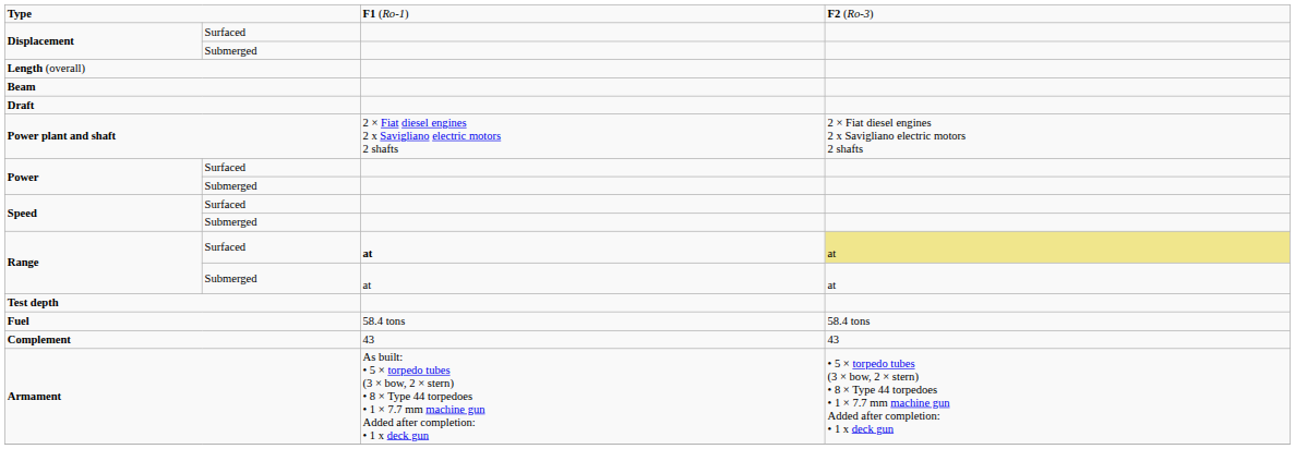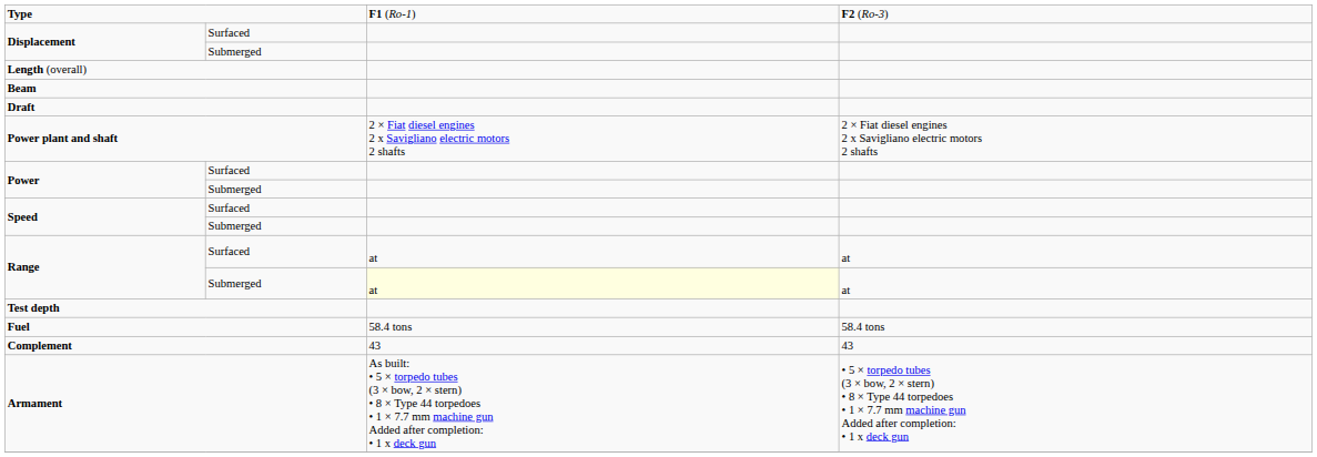 <table class="wikitable" width="90%">
 <tr>
 <td width="13%" colspan="2"><strong>Type</strong></td>
 <td width="17%"><strong>F1</strong> (<em>Ro-1</em>)</td>
 <td width="17%"><strong>F2</strong> (<em>Ro-3</em>)</td>
 </tr>
 <tr>
 <td rowspan="2"><strong>Displacement</strong></td>
 <td>Surfaced</td>
 <td></td>
 <td></td>
 </tr>
 <tr>
 <td>Submerged</td>
 <td></td>
 <td></td>
 </tr>
 <tr>
 <td colspan="2"><strong>Length</strong> (overall)</td>
 <td></td>
 <td></td>
 </tr>
 <tr>
 <td colspan="2"><strong>Beam</strong></td>
 <td></td>
 <td></td>
 </tr>
 <tr>
 <td colspan="2"><strong>Draft</strong></td>
 <td></td>
 <td></td>
 </tr>
 <tr>
 <td colspan="2"><strong>Power plant and shaft</strong></td>
 <td>2 × <a href='#'>Fiat</a> <a href='#'>diesel engines</a><br>2 x <a href='#'>Savigliano</a> <a href='#'>electric motors</a><br>2 shafts</td>
 <td>2 × Fiat diesel engines<br>2 x Savigliano electric motors<br>2 shafts</td>
 </tr>
 <tr>
 <td rowspan="2"><strong>Power</strong></td>
 <td>Surfaced</td>
 <td></td>
 <td></td>
 </tr>
 <tr>
 <td>Submerged</td>
 <td></td>
 <td></td>
 </tr>
 <tr>
 <td rowspan="2"><strong>Speed</strong></td>
 <td>Surfaced</td>
 <td></td>
 <td></td>
 </tr>
 <tr>
 <td>Submerged</td>
 <td></td>
 <td></td>
 </tr>
 <tr>
 <td rowspan="2"><strong>Range</strong></td>
 <td>Surfaced</td>
-<td><strong><br>at </strong></td>
-<td style="background: khaki;"><br>at </td>
+<td><br>at </td>
+<td><br>at </td>
 </tr>
 <tr>
 <td>Submerged</td>
-<td><br>at </td>
+<td style="background: lightyellow;"><br>at </td>
 <td><br>at </td>
 </tr>
 <tr>
 <td colspan="2"><strong>Test depth</strong></td>
 <td></td>
 <td></td>
 </tr>
 <tr>
 <td colspan="2"><strong>Fuel</strong></td>
 <td>58.4 tons</td>
 <td>58.4 tons</td>
 </tr>
 <tr>
 <td colspan="2"><strong>Complement</strong></td>
 <td>43</td>
 <td>43</td>
 </tr>
 <tr>
 <td colspan="2"><strong>Armament</strong></td>
 <td>As built:<br>• 5 ×  <a href='#'>torpedo tubes</a><br>(3 × bow, 2 × stern)<br>• 8 × Type 44 torpedoes<br>• 1 × 7.7 mm <a href='#'>machine gun</a><br>Added after completion:<br>• 1 x <a href='#'> deck gun</a></td>
 <td>• 5 ×  <a href='#'>torpedo tubes</a><br>(3 × bow, 2 × stern)<br>• 8 × Type 44 torpedoes<br>• 1 × 7.7 mm <a href='#'>machine gun</a><br>Added after completion:<br>• 1 x <a href='#'> deck gun</a></td>
 </tr>
 <tr>
 </tr>
 </table>
